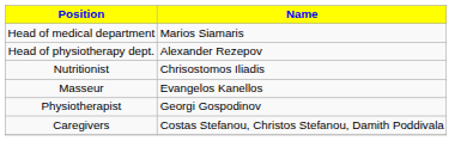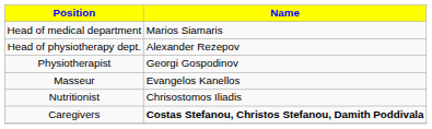 <table class="wikitable plainrowheaders sortable">
 <tr>
 <th style="background:#FFFF00; color:	#0000FF; ">Position</th>
 <th style="background:#FFFF00; color:	#0000FF; ">Name</th>
 </tr>
 <tr>
 <td align=left>Head of medical department</td>
 <td align=left> Marios Siamaris</td>
 </tr>
 <tr>
 <td align=center>Head of physiotherapy dept.</td>
 <td align=left> Alexander Rezepov</td>
 </tr>
 <tr>
-<td align=center>Nutritionist</td>
-<td align=left> Chrisostomos Iliadis</td>
+<td align=center>Physiotherapist</td>
+<td align=left> Georgi Gospodinov</td>
 </tr>
 <tr>
 <td align=center>Masseur</td>
 <td align=left> Evangelos Kanellos</td>
 </tr>
 <tr>
-<td align=center>Physiotherapist</td>
-<td align=left> Georgi Gospodinov</td>
+<td align=center>Nutritionist</td>
+<td align=left> Chrisostomos Iliadis</td>
 </tr>
 <tr>
 <td align=center>Caregivers</td>
-<td align=left> Costas Stefanou, Christos Stefanou, Damith Poddivala</td>
+<td align=left><strong> Costas Stefanou, Christos Stefanou, Damith Poddivala</strong></td>
 </tr>
 <tr>
 </tr>
 </table>
